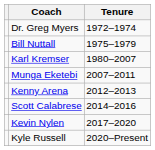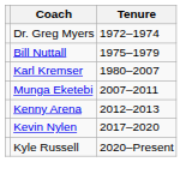 <table class="wikitable">
 <tr>
 <th width=px></th>
 <th width=px>Coach</th>
 <th width=px>Tenure</th>
 </tr>
 <tr>
 <td></td>
 <td>Dr. Greg Myers</td>
 <td>1972–1974</td>
 </tr>
 <tr>
 <td></td>
 <td><a href='#'>Bill Nuttall</a></td>
 <td>1975–1979</td>
 </tr>
 <tr>
 <td></td>
 <td><a href='#'>Karl Kremser</a></td>
 <td>1980–2007</td>
 </tr>
 <tr>
 <td></td>
 <td><a href='#'>Munga Eketebi</a></td>
 <td>2007–2011</td>
 </tr>
 <tr>
 <td></td>
 <td><a href='#'>Kenny Arena</a></td>
 <td>2012–2013</td>
 </tr>
 <tr>
 <td></td>
-<td><a href='#'>Scott Calabrese</a></td>
-<td>2014–2016</td>
-</tr>
-<tr>
-<td></td>
 <td><a href='#'>Kevin Nylen</a></td>
 <td>2017–2020</td>
 </tr>
 <tr>
 <td></td>
 <td>Kyle Russell</td>
 <td>2020–Present</td>
 </tr>
 </table>
